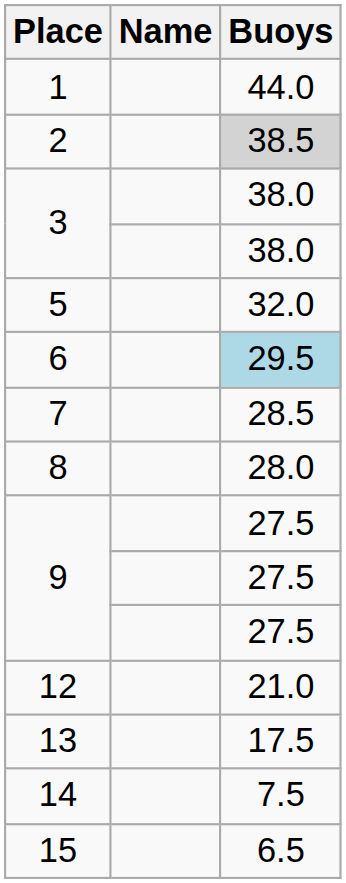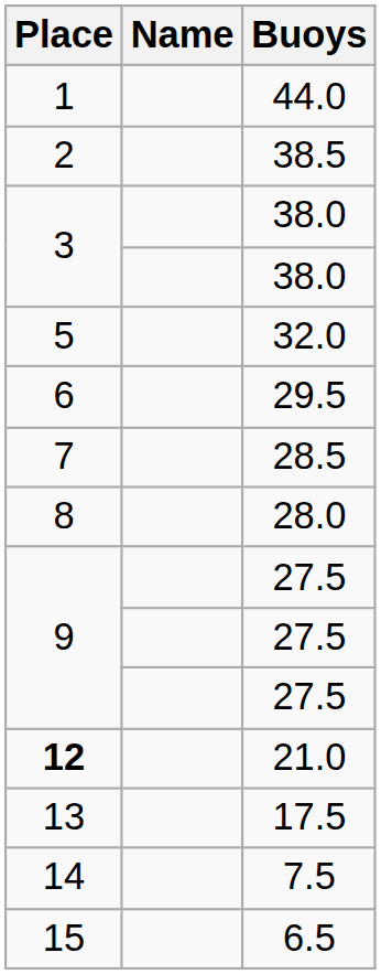 <table class="wikitable" style="text-align:center">
 <tr>
 <th>Place</th>
 <th>Name</th>
 <th>Buoys</th>
 </tr>
 <tr>
 <td>1</td>
 <td align=left></td>
 <td>44.0</td>
 </tr>
 <tr>
 <td>2</td>
 <td align=left></td>
-<td style="background: lightgrey;">38.5</td>
+<td>38.5</td>
 </tr>
 <tr>
 <td rowspan=2>3</td>
 <td align=left></td>
 <td>38.0</td>
 </tr>
 <tr>
 <td align=left></td>
 <td>38.0</td>
 </tr>
 <tr>
 <td>5</td>
 <td align=left></td>
 <td>32.0</td>
 </tr>
 <tr>
 <td>6</td>
 <td align=left></td>
-<td style="background: lightblue;">29.5</td>
+<td>29.5</td>
 </tr>
 <tr>
 <td>7</td>
 <td align=left></td>
 <td>28.5</td>
 </tr>
 <tr>
 <td>8</td>
 <td align=left></td>
 <td>28.0</td>
 </tr>
 <tr>
 <td rowspan=3>9</td>
 <td align=left></td>
 <td>27.5</td>
 </tr>
 <tr>
 <td align=left></td>
 <td>27.5</td>
 </tr>
 <tr>
 <td align=left></td>
 <td>27.5</td>
 </tr>
 <tr>
-<td>12</td>
+<td><strong>12</strong></td>
 <td align=left></td>
 <td>21.0</td>
 </tr>
 <tr>
 <td>13</td>
 <td align=left></td>
 <td>17.5</td>
 </tr>
 <tr>
 <td>14</td>
 <td align=left></td>
 <td>7.5</td>
 </tr>
 <tr>
 <td>15</td>
 <td align=left></td>
 <td>6.5</td>
 </tr>
 </table>
